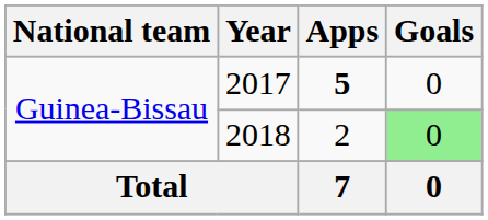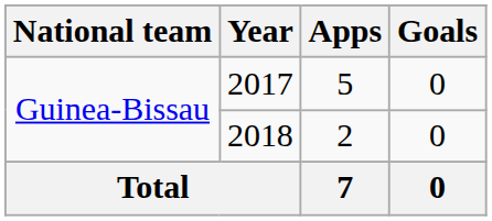 <table class="wikitable" style="text-align:center">
 <tr>
 <th>National team</th>
 <th>Year</th>
 <th>Apps</th>
 <th>Goals</th>
 </tr>
 <tr>
 <td rowspan="2"><a href='#'>Guinea-Bissau</a></td>
 <td>2017</td>
-<td><strong>5</strong></td>
+<td>5</td>
 <td>0</td>
 </tr>
 <tr>
 <td>2018</td>
 <td>2</td>
-<td style="background: lightgreen;">0</td>
+<td>0</td>
 </tr>
 <tr>
 <th colspan=2>Total</th>
 <th>7</th>
 <th>0</th>
 </tr>
 </table>
